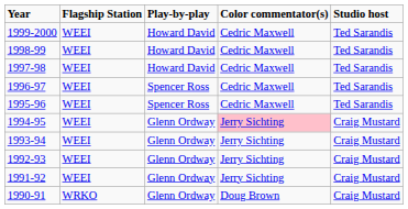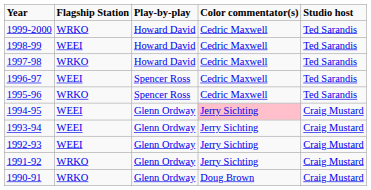 <table class="wikitable">
 <tr>
 <td><strong>Year</strong></td>
 <td><strong>Flagship Station</strong></td>
 <td><strong>Play-by-play</strong></td>
 <td><strong>Color commentator(s)</strong></td>
 <td><strong>Studio host</strong></td>
 </tr>
 <tr>
 <td><a href='#'>1999-2000</a></td>
-<td><a href='#'>WEEI</a></td>
+<td><a href='#'>WRKO</a></td>
 <td><a href='#'>Howard David</a></td>
 <td><a href='#'>Cedric Maxwell</a></td>
 <td><a href='#'>Ted Sarandis</a></td>
 </tr>
 <tr>
 <td><a href='#'>1998-99</a></td>
 <td><a href='#'>WEEI</a></td>
 <td><a href='#'>Howard David</a></td>
 <td><a href='#'>Cedric Maxwell</a></td>
 <td><a href='#'>Ted Sarandis</a></td>
 </tr>
 <tr>
 <td><a href='#'>1997-98</a></td>
-<td><a href='#'>WEEI</a></td>
+<td><a href='#'>WRKO</a></td>
 <td><a href='#'>Howard David</a></td>
 <td><a href='#'>Cedric Maxwell</a></td>
 <td><a href='#'>Ted Sarandis</a></td>
 </tr>
 <tr>
 <td><a href='#'>1996-97</a></td>
 <td><a href='#'>WEEI</a></td>
 <td><a href='#'>Spencer Ross</a></td>
 <td><a href='#'>Cedric Maxwell</a></td>
 <td><a href='#'>Ted Sarandis</a></td>
 </tr>
 <tr>
 <td><a href='#'>1995-96</a></td>
-<td><a href='#'>WEEI</a></td>
+<td><a href='#'>WRKO</a></td>
 <td><a href='#'>Spencer Ross</a></td>
 <td><a href='#'>Cedric Maxwell</a></td>
 <td><a href='#'>Ted Sarandis</a></td>
 </tr>
 <tr>
 <td><a href='#'>1994-95</a></td>
 <td><a href='#'>WEEI</a></td>
 <td><a href='#'>Glenn Ordway</a></td>
 <td style="background: pink;"><a href='#'>Jerry Sichting</a></td>
 <td><a href='#'>Craig Mustard</a></td>
 </tr>
 <tr>
 <td><a href='#'>1993-94</a></td>
 <td><a href='#'>WEEI</a></td>
 <td><a href='#'>Glenn Ordway</a></td>
 <td><a href='#'>Jerry Sichting</a></td>
 <td><a href='#'>Craig Mustard</a></td>
 </tr>
 <tr>
 <td><a href='#'>1992-93</a></td>
 <td><a href='#'>WEEI</a></td>
 <td><a href='#'>Glenn Ordway</a></td>
 <td><a href='#'>Jerry Sichting</a></td>
 <td><a href='#'>Craig Mustard</a></td>
 </tr>
 <tr>
 <td><a href='#'>1991-92</a></td>
-<td><a href='#'>WEEI</a></td>
+<td><a href='#'>WRKO</a></td>
 <td><a href='#'>Glenn Ordway</a></td>
 <td><a href='#'>Jerry Sichting</a></td>
 <td><a href='#'>Craig Mustard</a></td>
 </tr>
 <tr>
 <td><a href='#'>1990-91</a></td>
 <td><a href='#'>WRKO</a></td>
 <td><a href='#'>Glenn Ordway</a></td>
 <td><a href='#'>Doug Brown</a></td>
 <td><a href='#'>Craig Mustard</a></td>
 </tr>
 </table>
